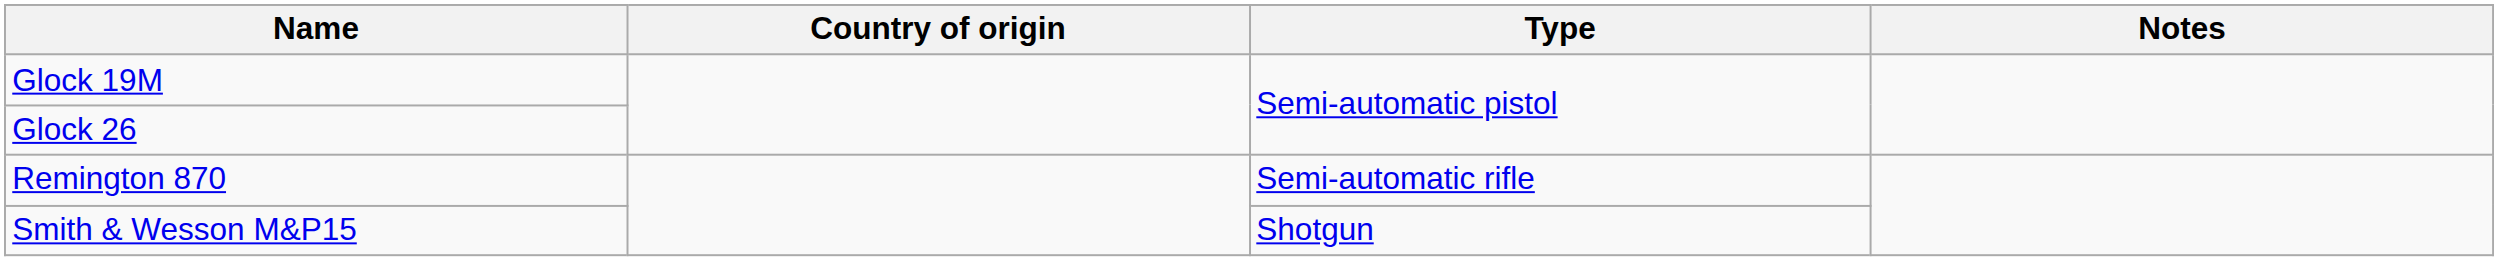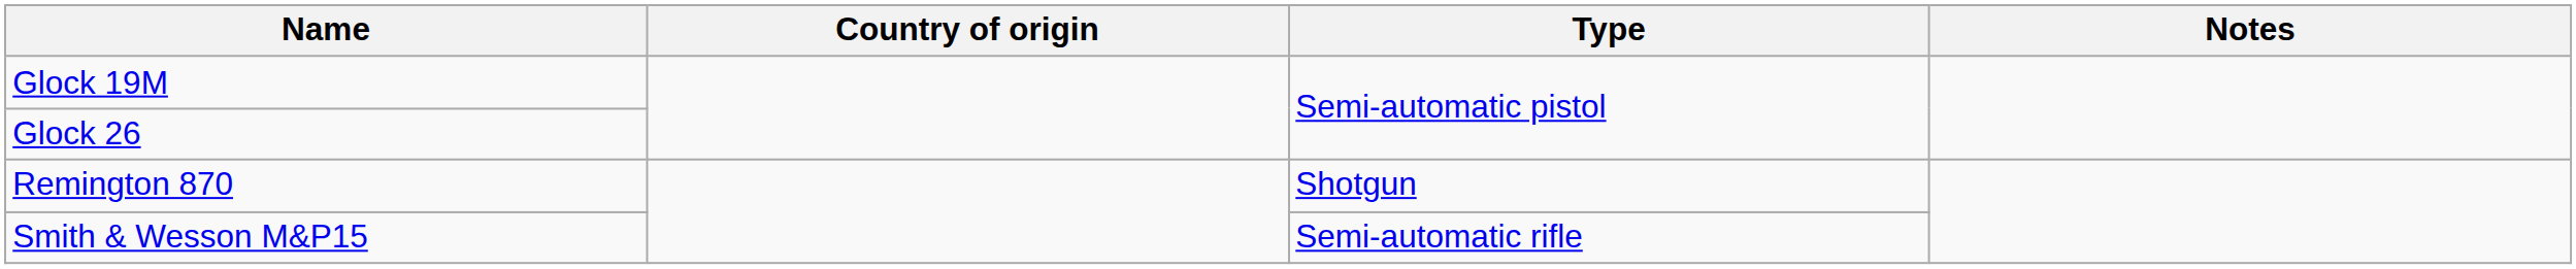 <table class="wikitable" border="0" width="100%">
 <tr>
 <th width="25%">Name</th>
 <th width="25%">Country of origin</th>
 <th width="25%">Type</th>
 <th>Notes</th>
 </tr>
 <tr>
 <td><a href='#'>Glock 19M</a></td>
 <td rowspan="2"></td>
 <td rowspan="2"><a href='#'>Semi-automatic pistol</a></td>
 <td rowspan="2"></td>
 </tr>
 <tr>
 <td><a href='#'>Glock 26</a></td>
 </tr>
 <tr>
 <td><a href='#'>Remington 870</a></td>
 <td rowspan="2"></td>
-<td><a href='#'>Semi-automatic rifle</a></td>
+<td><a href='#'>Shotgun</a></td>
 <td rowspan="2"></td>
 </tr>
 <tr>
 <td><a href='#'>Smith & Wesson M&P15</a></td>
-<td><a href='#'>Shotgun</a></td>
+<td><a href='#'>Semi-automatic rifle</a></td>
 </tr>
 </table>
